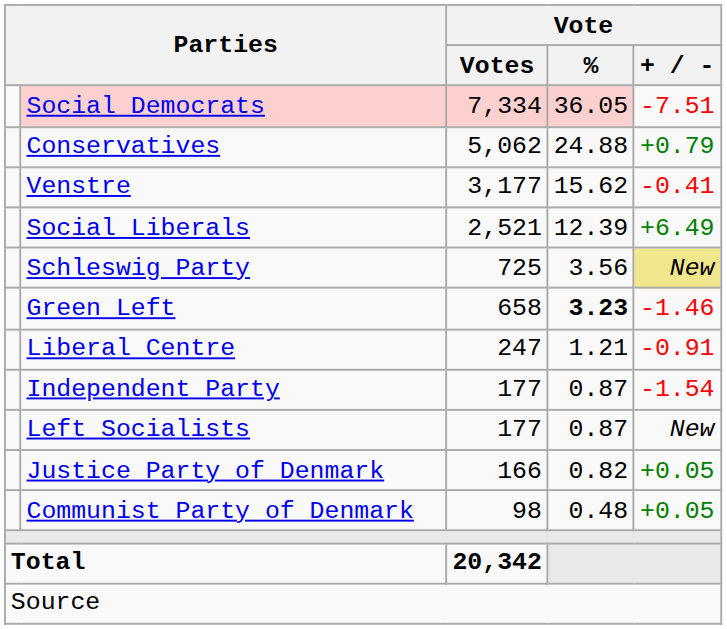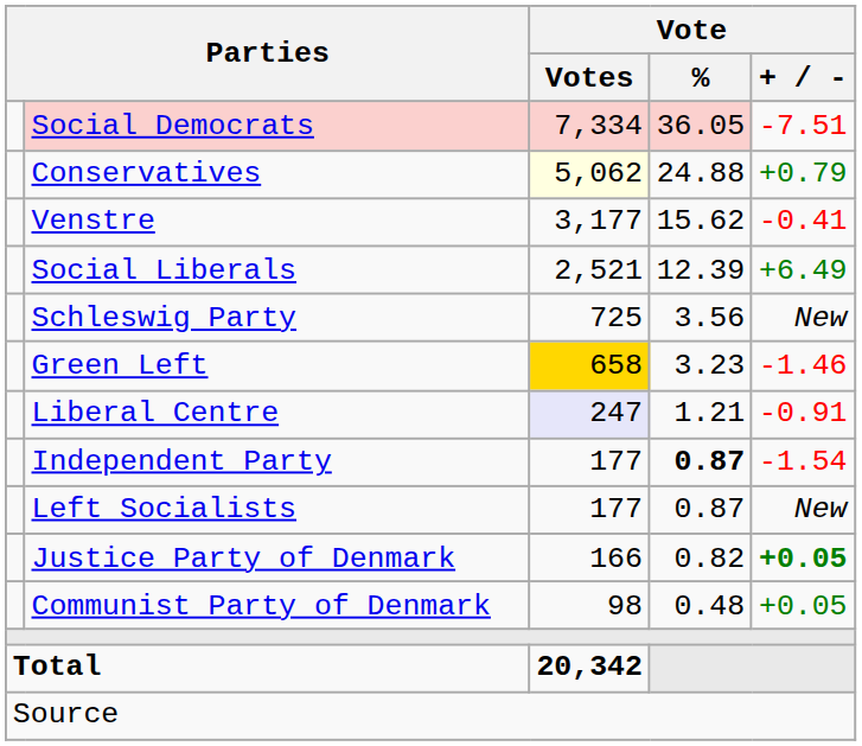 <table class="wikitable" style="text-align:right;">
 <tr>
 <th style="text-align:centre;" rowspan="2" colspan="2" width="225">Parties</th>
 <th colspan="3">Vote</th>
 </tr>
 <tr>
 <th width="15">Votes</th>
 <th width="15">%</th>
 <th width="15">+ / -</th>
 </tr>
 <tr>
 <td width="2" style="color:inherit;background:"></td>
 <td bgcolor=#fbd0ce  align="left"><a href='#'>Social Democrats</a></td>
 <td bgcolor=#fbd0ce>7,334</td>
 <td bgcolor=#fbd0ce>36.05</td>
 <td style=color:red;>-7.51</td>
 </tr>
 <tr>
 <td width="2" style="color:inherit;background:"></td>
 <td align="left"><a href='#'>Conservatives</a></td>
-<td>5,062</td>
+<td style="background: lightyellow;">5,062</td>
 <td>24.88</td>
 <td style=color:green;>+0.79</td>
 </tr>
 <tr>
 <td width="2" style="color:inherit;background:"></td>
 <td align="left"><a href='#'>Venstre</a></td>
 <td>3,177</td>
 <td>15.62</td>
 <td style=color:red;>-0.41</td>
 </tr>
 <tr>
 <td width="2" style="color:inherit;background:"></td>
 <td align="left"><a href='#'>Social Liberals</a></td>
 <td>2,521</td>
 <td>12.39</td>
 <td style=color:green;>+6.49</td>
 </tr>
 <tr>
 <td width="2" style="color:inherit;background:"></td>
 <td align="left"><a href='#'>Schleswig Party</a></td>
 <td>725</td>
 <td>3.56</td>
-<td style="background: khaki;"><em>New</em></td>
+<td><em>New</em></td>
 </tr>
 <tr>
 <td width="2" style="color:inherit;background:"></td>
 <td align="left"><a href='#'>Green Left</a></td>
-<td>658</td>
-<td><strong>3.23</strong></td>
+<td style="background: gold;">658</td>
+<td>3.23</td>
 <td style=color:red;>-1.46</td>
 </tr>
 <tr>
 <td width="2" style="color:inherit;background:"></td>
 <td align="left"><a href='#'>Liberal Centre</a></td>
-<td>247</td>
+<td style="background: lavender;">247</td>
 <td>1.21</td>
 <td style=color:red;>-0.91</td>
 </tr>
 <tr>
 <td width="2" style="color:inherit;background:"></td>
 <td align="left"><a href='#'>Independent Party</a></td>
 <td>177</td>
-<td>0.87</td>
+<td><strong>0.87</strong></td>
 <td style=color:red;>-1.54</td>
 </tr>
 <tr>
 <td width="2" style="color:inherit;background:"></td>
 <td align="left"><a href='#'>Left Socialists</a></td>
 <td>177</td>
 <td>0.87</td>
 <td><em>New</em></td>
 </tr>
 <tr>
 <td width="2" style="color:inherit;background:"></td>
 <td align="left"><a href='#'>Justice Party of Denmark</a></td>
 <td>166</td>
 <td>0.82</td>
-<td style=color:green;>+0.05</td>
+<td style=color:green;><strong>+0.05</strong></td>
 </tr>
 <tr>
 <td width="2" style="color:inherit;background:"></td>
 <td align="left"><a href='#'>Communist Party of Denmark</a></td>
 <td>98</td>
 <td>0.48</td>
 <td style=color:green;>+0.05</td>
 </tr>
 <tr>
 <td colspan="7" bgcolor="#E9E9E9"></td>
 </tr>
 <tr>
 <td align="left" colspan="2"><strong>Total</strong></td>
 <td><strong>20,342</strong></td>
 <td bgcolor="#E9E9E9" colspan="2"></td>
 </tr>
 <tr>
 <td align="left" colspan="6">Source</td>
 </tr>
 </table>
